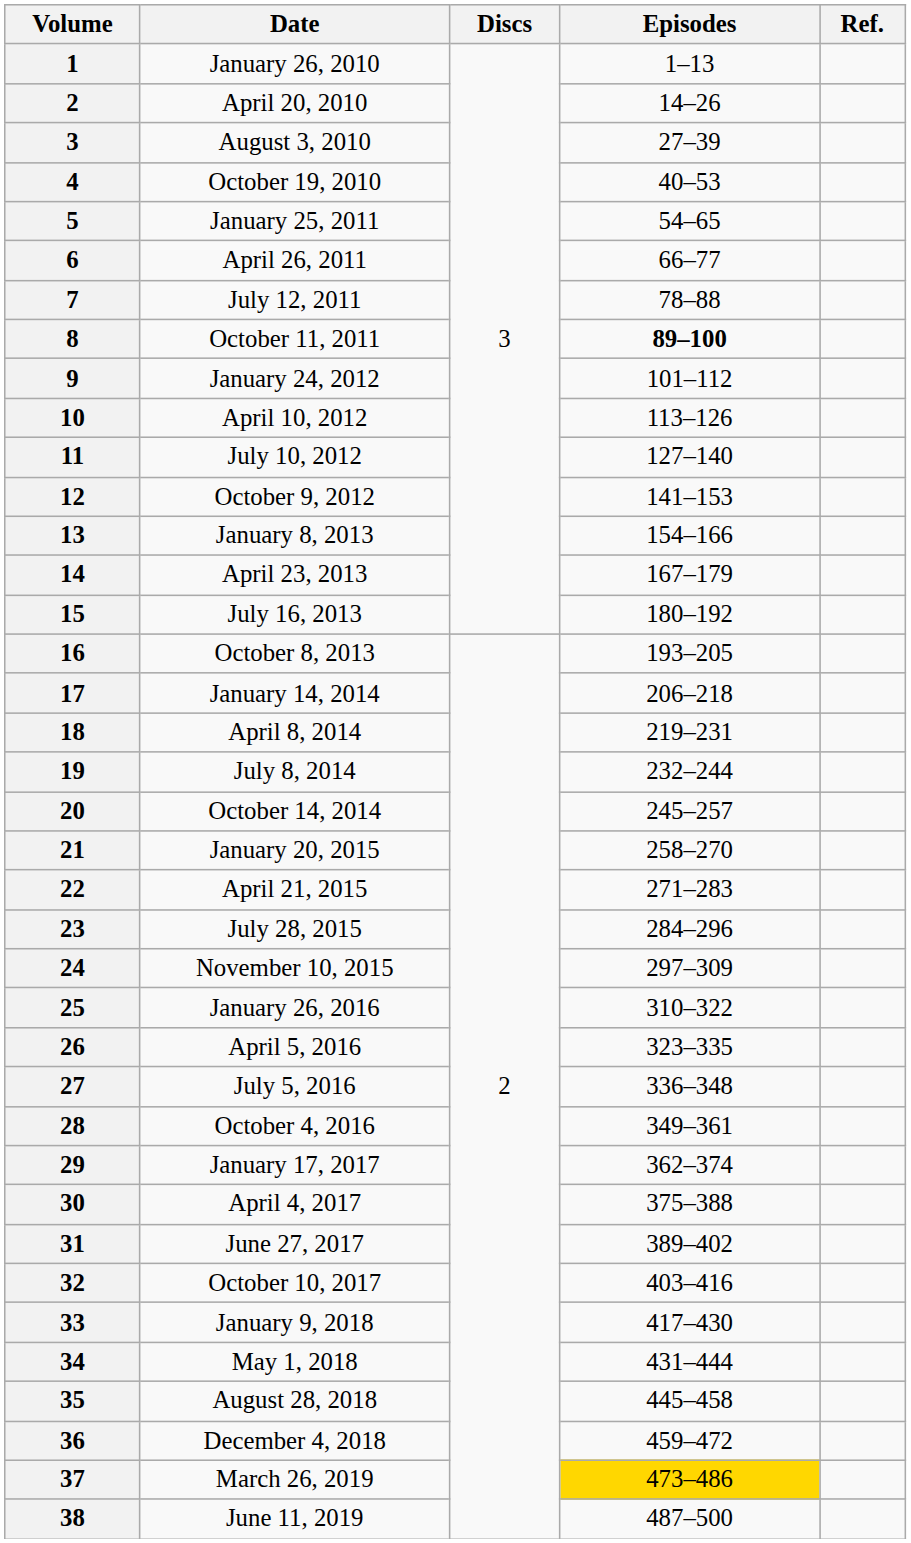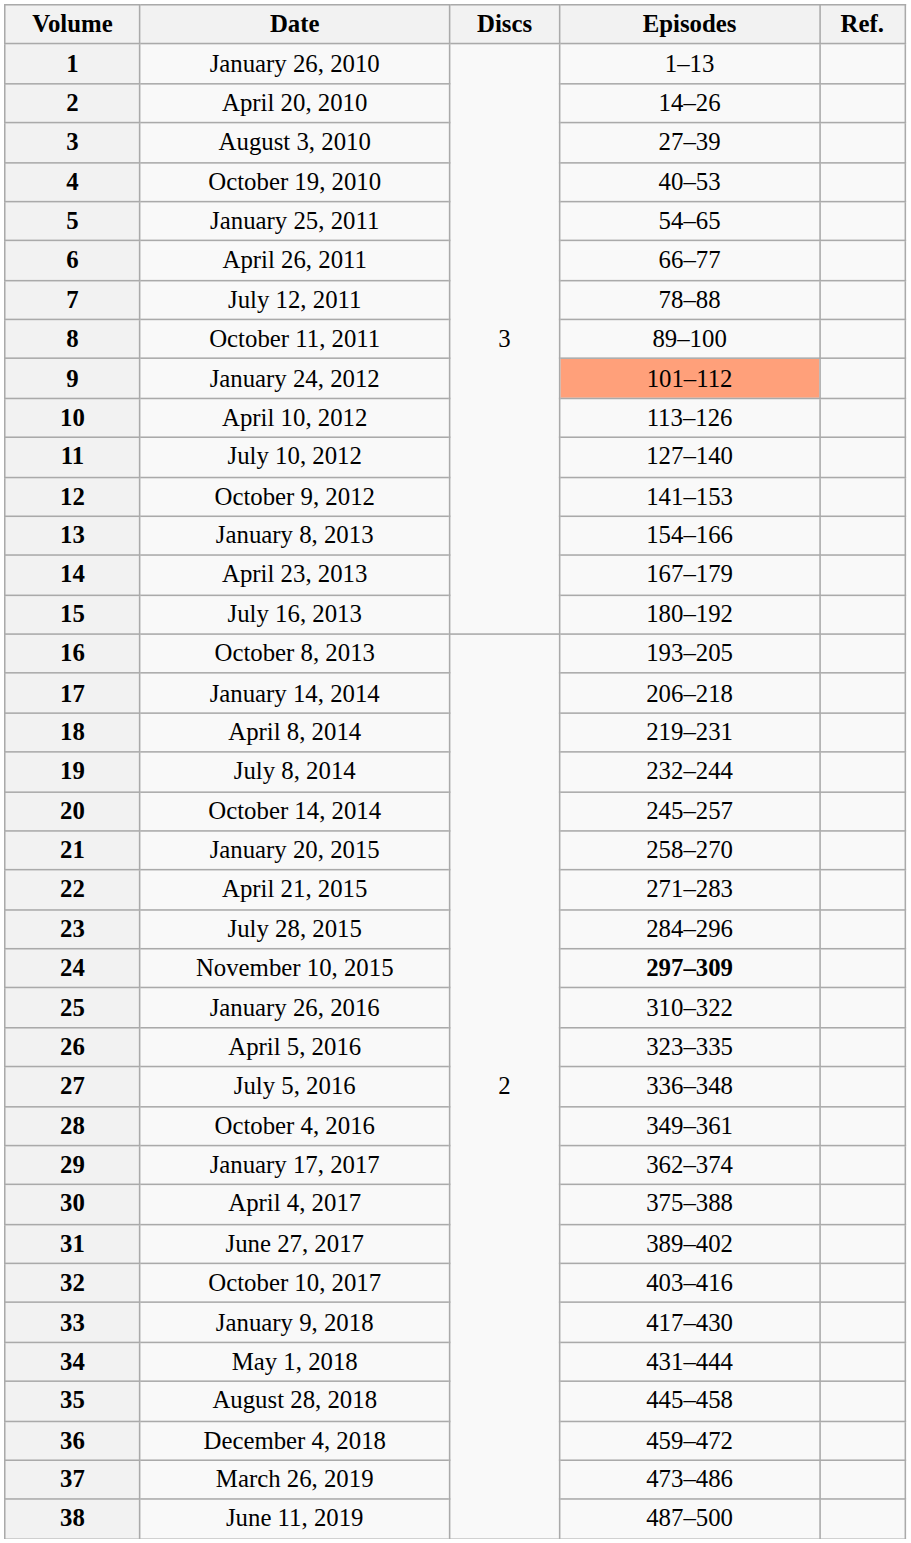 <table class="wikitable" style="text-align:center;">
 <tr>
 <th scope="col" style="width:5em;">Volume</th>
 <th scope="col" style="width:12em;">Date</th>
 <th scope="col" style="width:4em;">Discs</th>
 <th scope="col" style="width:10em;">Episodes</th>
 <th scope="col" style="width:3em;">Ref.</th>
 </tr>
 <tr>
 <th scope="row">1</th>
 <td>January 26, 2010</td>
 <td rowspan="15">3</td>
 <td>1–13</td>
 <td></td>
 </tr>
 <tr>
 <th scope="row">2</th>
 <td>April 20, 2010</td>
 <td>14–26</td>
 <td></td>
 </tr>
 <tr>
 <th scope="row">3</th>
 <td>August 3, 2010</td>
 <td>27–39</td>
 <td></td>
 </tr>
 <tr>
 <th scope="row">4</th>
 <td>October 19, 2010</td>
 <td>40–53</td>
 <td></td>
 </tr>
 <tr>
 <th scope="row">5</th>
 <td>January 25, 2011</td>
 <td>54–65</td>
 <td></td>
 </tr>
 <tr>
 <th scope="row">6</th>
 <td>April 26, 2011</td>
 <td>66–77</td>
 <td></td>
 </tr>
 <tr>
 <th scope="row">7</th>
 <td>July 12, 2011</td>
 <td>78–88</td>
 <td></td>
 </tr>
 <tr>
 <th scope="row">8</th>
 <td>October 11, 2011</td>
-<td><strong>89–100</strong></td>
+<td>89–100</td>
 <td></td>
 </tr>
 <tr>
 <th scope="row">9</th>
 <td>January 24, 2012</td>
-<td>101–112</td>
+<td style="background: lightsalmon;">101–112</td>
 <td></td>
 </tr>
 <tr>
 <th scope="row">10</th>
 <td>April 10, 2012</td>
 <td>113–126</td>
 <td></td>
 </tr>
 <tr>
 <th scope="row">11</th>
 <td>July 10, 2012</td>
 <td>127–140</td>
 <td></td>
 </tr>
 <tr>
 <th scope="row">12</th>
 <td>October 9, 2012</td>
 <td>141–153</td>
 <td></td>
 </tr>
 <tr>
 <th scope="row">13</th>
 <td>January 8, 2013</td>
 <td>154–166</td>
 <td></td>
 </tr>
 <tr>
 <th scope="row">14</th>
 <td>April 23, 2013</td>
 <td>167–179</td>
 <td></td>
 </tr>
 <tr>
 <th scope="row">15</th>
 <td>July 16, 2013</td>
 <td>180–192</td>
 <td></td>
 </tr>
 <tr>
 <th scope="row">16</th>
 <td>October 8, 2013</td>
 <td rowspan="23">2</td>
 <td>193–205</td>
 <td></td>
 </tr>
 <tr>
 <th scope="row">17</th>
 <td>January 14, 2014</td>
 <td>206–218</td>
 <td></td>
 </tr>
 <tr>
 <th scope="row">18</th>
 <td>April 8, 2014</td>
 <td>219–231</td>
 <td></td>
 </tr>
 <tr>
 <th scope="row">19</th>
 <td>July 8, 2014</td>
 <td>232–244</td>
 <td></td>
 </tr>
 <tr>
 <th scope="row">20</th>
 <td>October 14, 2014</td>
 <td>245–257</td>
 <td></td>
 </tr>
 <tr>
 <th scope="row">21</th>
 <td>January 20, 2015</td>
 <td>258–270</td>
 <td></td>
 </tr>
 <tr>
 <th scope="row">22</th>
 <td>April 21, 2015</td>
 <td>271–283</td>
 <td></td>
 </tr>
 <tr>
 <th scope="row">23</th>
 <td>July 28, 2015</td>
 <td>284–296</td>
 <td></td>
 </tr>
 <tr>
 <th scope="row">24</th>
 <td>November 10, 2015</td>
-<td>297–309</td>
+<td><strong>297–309</strong></td>
 <td></td>
 </tr>
 <tr>
 <th scope="row">25</th>
 <td>January 26, 2016</td>
 <td>310–322</td>
 <td></td>
 </tr>
 <tr>
 <th scope="row">26</th>
 <td>April 5, 2016</td>
 <td>323–335</td>
 <td></td>
 </tr>
 <tr>
 <th scope="row">27</th>
 <td>July 5, 2016</td>
 <td>336–348</td>
 <td></td>
 </tr>
 <tr>
 <th scope="row">28</th>
 <td>October 4, 2016</td>
 <td>349–361</td>
 <td></td>
 </tr>
 <tr>
 <th scope="row">29</th>
 <td>January 17, 2017</td>
 <td>362–374</td>
 <td></td>
 </tr>
 <tr>
 <th scope="row">30</th>
 <td>April 4, 2017</td>
 <td>375–388</td>
 <td></td>
 </tr>
 <tr>
 <th scope="row">31</th>
 <td>June 27, 2017</td>
 <td>389–402</td>
 <td></td>
 </tr>
 <tr>
 <th scope="row">32</th>
 <td>October 10, 2017</td>
 <td>403–416</td>
 <td></td>
 </tr>
 <tr>
 <th scope="row">33</th>
 <td>January 9, 2018</td>
 <td>417–430</td>
 <td></td>
 </tr>
 <tr>
 <th scope="row">34</th>
 <td>May 1, 2018</td>
 <td>431–444</td>
 <td></td>
 </tr>
 <tr>
 <th scope="row">35</th>
 <td>August 28, 2018</td>
 <td>445–458</td>
 <td></td>
 </tr>
 <tr>
 <th scope="row">36</th>
 <td>December 4, 2018</td>
 <td>459–472</td>
 <td></td>
 </tr>
 <tr>
 <th scope="row">37</th>
 <td>March 26, 2019</td>
-<td style="background: gold;">473–486</td>
+<td>473–486</td>
 <td></td>
 </tr>
 <tr>
 <th scope="row">38</th>
 <td>June 11, 2019</td>
 <td>487–500</td>
 <td></td>
 </tr>
 </table>
